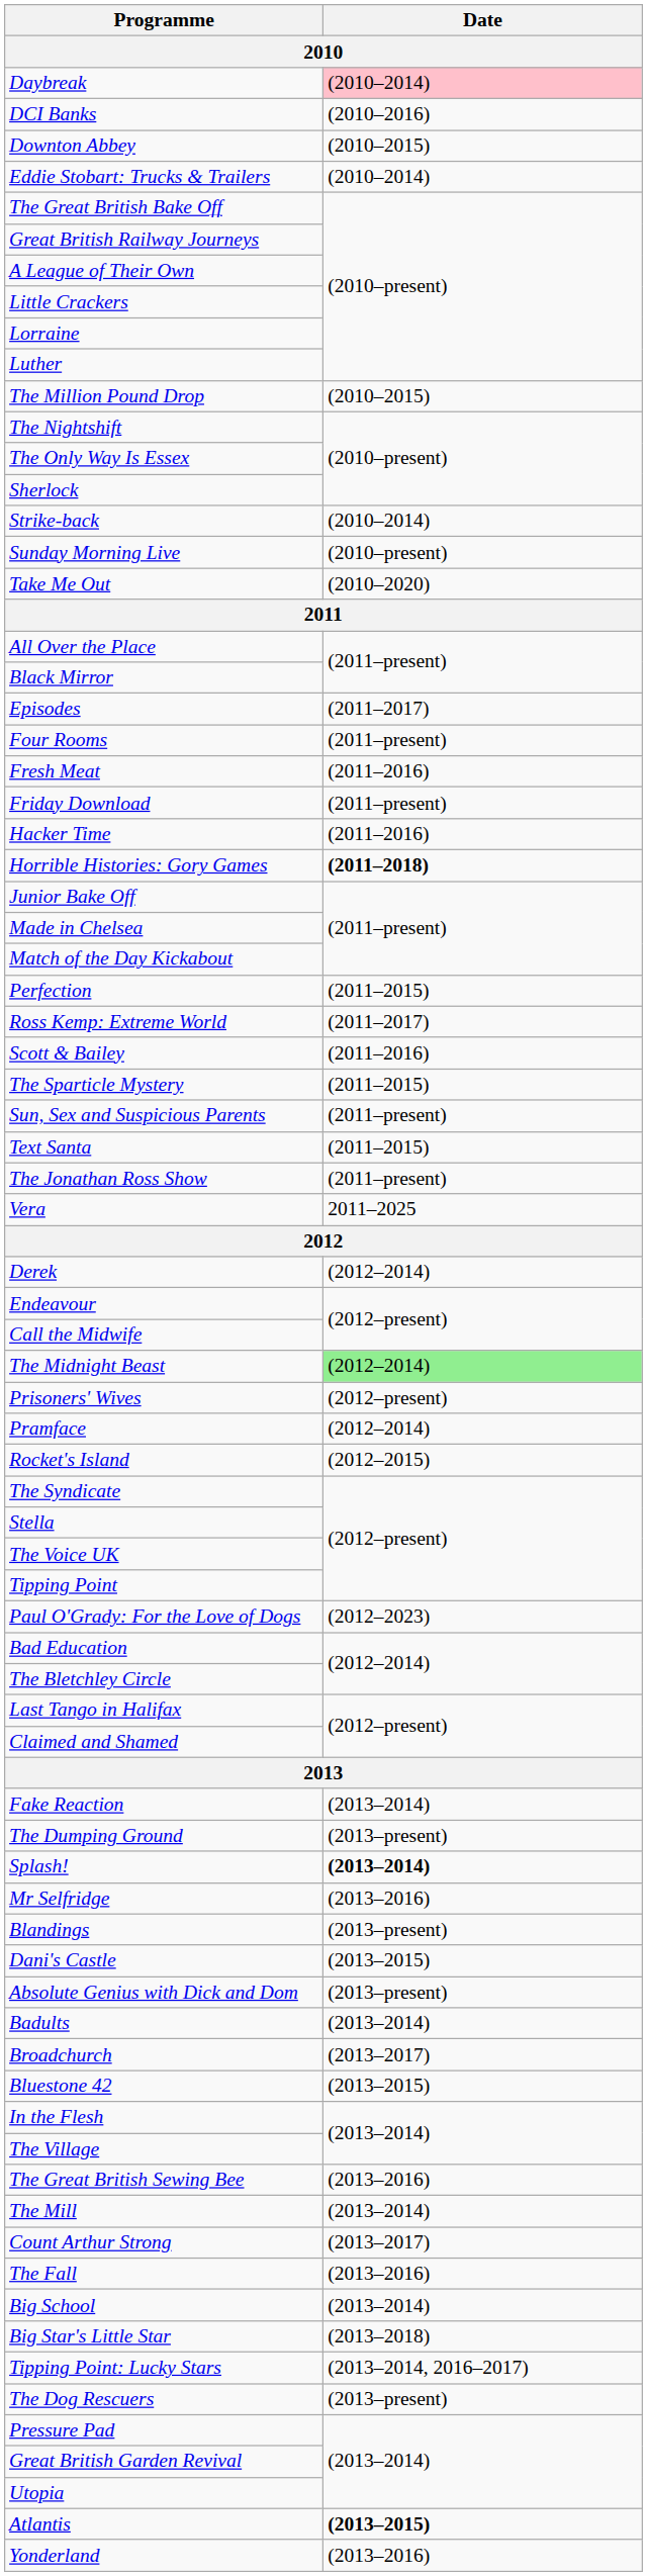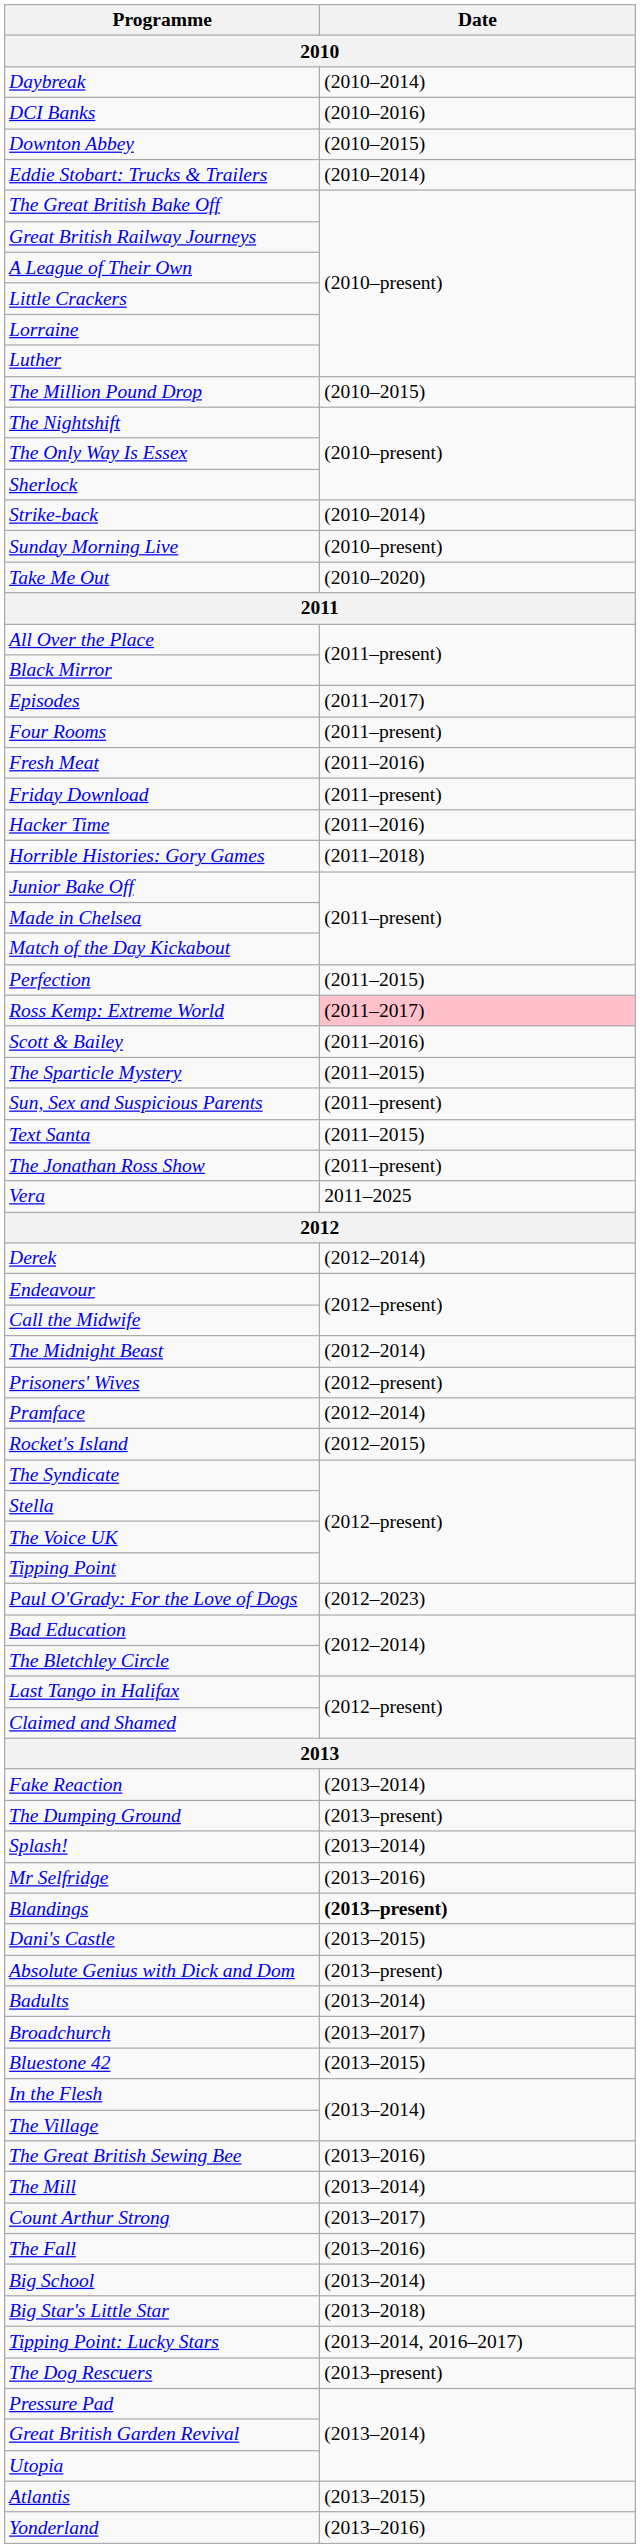 <table class="wikitable">
 <tr>
 <th width=251>Programme</th>
 <th width=251>Date</th>
 </tr>
 <tr>
 <th colspan=2>2010</th>
 </tr>
 <tr>
 <td><em><a href='#'>Daybreak</a></em></td>
-<td style="background: pink;">(2010–2014)</td>
+<td>(2010–2014)</td>
 </tr>
 <tr>
 <td><em><a href='#'>DCI Banks</a></em></td>
 <td>(2010–2016)</td>
 </tr>
 <tr>
 <td><em><a href='#'>Downton Abbey</a></em></td>
 <td>(2010–2015)</td>
 </tr>
 <tr>
 <td><em><a href='#'>Eddie Stobart: Trucks & Trailers</a></em></td>
 <td>(2010–2014)</td>
 </tr>
 <tr>
 <td><em><a href='#'>The Great British Bake Off</a></em></td>
 <td rowspan="6">(2010–present)</td>
 </tr>
 <tr>
 <td><em><a href='#'>Great British Railway Journeys</a></em></td>
 </tr>
 <tr>
 <td><em><a href='#'>A League of Their Own</a></em></td>
 </tr>
 <tr>
 <td><em><a href='#'>Little Crackers</a></em></td>
 </tr>
 <tr>
 <td><em><a href='#'>Lorraine</a></em></td>
 </tr>
 <tr>
 <td><em><a href='#'>Luther</a></em></td>
 </tr>
 <tr>
 <td><em><a href='#'>The Million Pound Drop</a></em></td>
 <td>(2010–2015)</td>
 </tr>
 <tr>
 <td><em><a href='#'>The Nightshift</a></em></td>
 <td rowspan="3">(2010–present)</td>
 </tr>
 <tr>
 <td><em><a href='#'>The Only Way Is Essex</a></em></td>
 </tr>
 <tr>
 <td><em><a href='#'>Sherlock</a></em></td>
 </tr>
 <tr>
 <td><em><a href='#'>Strike-back</a></em></td>
 <td>(2010–2014)</td>
 </tr>
 <tr>
 <td><em><a href='#'>Sunday Morning Live</a></em></td>
 <td>(2010–present)</td>
 </tr>
 <tr>
 <td><em><a href='#'>Take Me Out</a></em></td>
 <td>(2010–2020)</td>
 </tr>
 <tr>
 <th colspan=2>2011</th>
 </tr>
 <tr>
 <td><em><a href='#'>All Over the Place</a></em></td>
 <td rowspan="2">(2011–present)</td>
 </tr>
 <tr>
 <td><em><a href='#'>Black Mirror</a></em></td>
 </tr>
 <tr>
 <td><em><a href='#'>Episodes</a></em></td>
 <td>(2011–2017)</td>
 </tr>
 <tr>
 <td><em><a href='#'>Four Rooms</a></em></td>
 <td>(2011–present)</td>
 </tr>
 <tr>
 <td><em><a href='#'>Fresh Meat</a></em></td>
 <td>(2011–2016)</td>
 </tr>
 <tr>
 <td><em><a href='#'>Friday Download</a></em></td>
 <td>(2011–present)</td>
 </tr>
 <tr>
 <td><em><a href='#'>Hacker Time</a></em></td>
 <td>(2011–2016)</td>
 </tr>
 <tr>
 <td><em><a href='#'>Horrible Histories: Gory Games</a></em></td>
-<td><strong>(2011–2018)</strong></td>
+<td>(2011–2018)</td>
 </tr>
 <tr>
 <td><em><a href='#'>Junior Bake Off</a></em></td>
 <td rowspan="3">(2011–present)</td>
 </tr>
 <tr>
 <td><em><a href='#'>Made in Chelsea</a></em></td>
 </tr>
 <tr>
 <td><em><a href='#'>Match of the Day Kickabout</a></em></td>
 </tr>
 <tr>
 <td><em><a href='#'>Perfection</a></em></td>
 <td>(2011–2015)</td>
 </tr>
 <tr>
 <td><em><a href='#'>Ross Kemp: Extreme World</a></em></td>
-<td>(2011–2017)</td>
+<td style="background: pink;">(2011–2017)</td>
 </tr>
 <tr>
 <td><em><a href='#'>Scott & Bailey</a></em></td>
 <td>(2011–2016)</td>
 </tr>
 <tr>
 <td><em><a href='#'>The Sparticle Mystery</a></em></td>
 <td>(2011–2015)</td>
 </tr>
 <tr>
 <td><em><a href='#'>Sun, Sex and Suspicious Parents</a></em></td>
 <td>(2011–present)</td>
 </tr>
 <tr>
 <td><em><a href='#'>Text Santa</a></em></td>
 <td>(2011–2015)</td>
 </tr>
 <tr>
 <td><em><a href='#'>The Jonathan Ross Show</a></em></td>
 <td>(2011–present)</td>
 </tr>
 <tr>
 <td><em><a href='#'>Vera</a></em></td>
 <td>2011–2025</td>
 </tr>
 <tr>
 <th colspan=2>2012</th>
 </tr>
 <tr>
 <td><em><a href='#'>Derek</a></em></td>
 <td>(2012–2014)</td>
 </tr>
 <tr>
 <td><em><a href='#'>Endeavour</a></em></td>
 <td rowspan="2">(2012–present)</td>
 </tr>
 <tr>
 <td><em><a href='#'>Call the Midwife</a></em></td>
 </tr>
 <tr>
 <td><em><a href='#'>The Midnight Beast</a></em></td>
-<td style="background: lightgreen;">(2012–2014)</td>
+<td>(2012–2014)</td>
 </tr>
 <tr>
 <td><em><a href='#'>Prisoners' Wives</a></em></td>
 <td>(2012–present)</td>
 </tr>
 <tr>
 <td><em><a href='#'>Pramface</a></em></td>
 <td>(2012–2014)</td>
 </tr>
 <tr>
 <td><em><a href='#'>Rocket's Island</a></em></td>
 <td>(2012–2015)</td>
 </tr>
 <tr>
 <td><em><a href='#'>The Syndicate</a></em></td>
 <td rowspan="4">(2012–present)</td>
 </tr>
 <tr>
 <td><em><a href='#'>Stella</a></em></td>
 </tr>
 <tr>
 <td><em><a href='#'>The Voice UK</a></em></td>
 </tr>
 <tr>
 <td><em><a href='#'>Tipping Point</a></em></td>
 </tr>
 <tr>
 <td><em><a href='#'>Paul O'Grady: For the Love of Dogs</a></em></td>
 <td>(2012–2023)</td>
 </tr>
 <tr>
 <td><em><a href='#'>Bad Education</a></em></td>
 <td rowspan="2">(2012–2014)</td>
 </tr>
 <tr>
 <td><em><a href='#'>The Bletchley Circle</a></em></td>
 </tr>
 <tr>
 <td><em><a href='#'>Last Tango in Halifax</a></em></td>
 <td rowspan="2">(2012–present)</td>
 </tr>
 <tr>
 <td><em><a href='#'>Claimed and Shamed</a></em></td>
 </tr>
 <tr>
 <th colspan=2>2013</th>
 </tr>
 <tr>
 <td><em><a href='#'>Fake Reaction</a></em></td>
 <td>(2013–2014)</td>
 </tr>
 <tr>
 <td><em><a href='#'>The Dumping Ground</a></em></td>
 <td>(2013–present)</td>
 </tr>
 <tr>
 <td><em><a href='#'>Splash!</a></em></td>
-<td><strong>(2013–2014)</strong></td>
+<td>(2013–2014)</td>
 </tr>
 <tr>
 <td><em><a href='#'>Mr Selfridge</a></em></td>
 <td>(2013–2016)</td>
 </tr>
 <tr>
 <td><em><a href='#'>Blandings</a></em></td>
-<td>(2013–present)</td>
+<td><strong>(2013–present)</strong></td>
 </tr>
 <tr>
 <td><em><a href='#'>Dani's Castle</a></em></td>
 <td>(2013–2015)</td>
 </tr>
 <tr>
 <td><em><a href='#'>Absolute Genius with Dick and Dom</a></em></td>
 <td>(2013–present)</td>
 </tr>
 <tr>
 <td><em><a href='#'>Badults</a></em></td>
 <td>(2013–2014)</td>
 </tr>
 <tr>
 <td><em><a href='#'>Broadchurch</a></em></td>
 <td>(2013–2017)</td>
 </tr>
 <tr>
 <td><em><a href='#'>Bluestone 42</a></em></td>
 <td>(2013–2015)</td>
 </tr>
 <tr>
 <td><em><a href='#'>In the Flesh</a></em></td>
 <td rowspan="2">(2013–2014)</td>
 </tr>
 <tr>
 <td><em><a href='#'>The Village</a></em></td>
 </tr>
 <tr>
 <td><em><a href='#'>The Great British Sewing Bee</a></em></td>
 <td>(2013–2016)</td>
 </tr>
 <tr>
 <td><em><a href='#'>The Mill</a></em></td>
 <td>(2013–2014)</td>
 </tr>
 <tr>
 <td><em><a href='#'>Count Arthur Strong</a></em></td>
 <td>(2013–2017)</td>
 </tr>
 <tr>
 <td><em><a href='#'>The Fall</a></em></td>
 <td>(2013–2016)</td>
 </tr>
 <tr>
 <td><em><a href='#'>Big School</a></em></td>
 <td>(2013–2014)</td>
 </tr>
 <tr>
 <td><em><a href='#'>Big Star's Little Star</a></em></td>
 <td>(2013–2018)</td>
 </tr>
 <tr>
 <td><em><a href='#'>Tipping Point: Lucky Stars</a></em></td>
 <td>(2013–2014, 2016–2017)</td>
 </tr>
 <tr>
 <td><em><a href='#'>The Dog Rescuers</a></em></td>
 <td>(2013–present)</td>
 </tr>
 <tr>
 <td><em><a href='#'>Pressure Pad</a></em></td>
 <td rowspan="3">(2013–2014)</td>
 </tr>
 <tr>
 <td><em><a href='#'>Great British Garden Revival</a></em></td>
 </tr>
 <tr>
 <td><em><a href='#'>Utopia</a></em></td>
 </tr>
 <tr>
 <td><em><a href='#'>Atlantis</a></em></td>
-<td><strong>(2013–2015)</strong></td>
+<td>(2013–2015)</td>
 </tr>
 <tr>
 <td><em><a href='#'>Yonderland</a></em></td>
 <td>(2013–2016)</td>
 </tr>
 </table>
